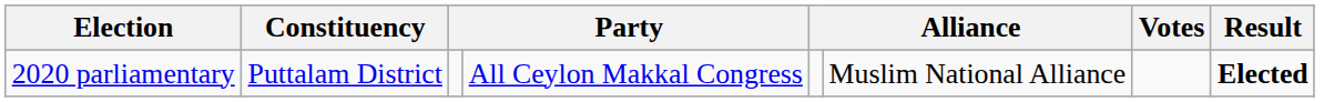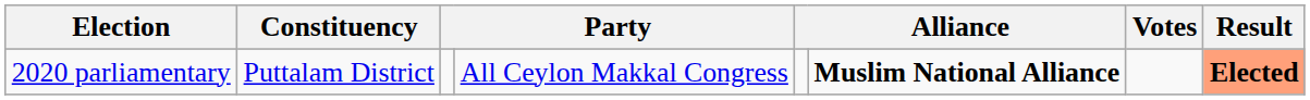 <table class="wikitable" style="text-align:left;">
 <tr>
 <th scope=col>Election</th>
 <th scope=col>Constituency</th>
 <th scope=col colspan="2">Party</th>
 <th scope=col colspan="2">Alliance</th>
 <th scope=col>Votes</th>
 <th scope=col>Result</th>
 </tr>
 <tr>
 <td><a href='#'>2020 parliamentary</a></td>
 <td><a href='#'>Puttalam District</a></td>
 <td style="background:"></td>
 <td><a href='#'>All Ceylon Makkal Congress</a></td>
 <td></td>
-<td>Muslim National Alliance</td>
+<td><strong>Muslim National Alliance</strong></td>
 <td align=right></td>
-<td><strong>Elected</strong></td>
+<td style="background: lightsalmon;"><strong>Elected</strong></td>
 </tr>
 </table>
